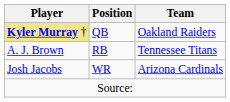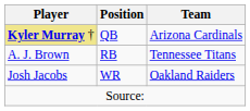 <table class="wikitable sortable">
 <tr>
 <th>Player</th>
 <th>Position</th>
 <th>Team</th>
 </tr>
 <tr>
 <td style="background-color:Khaki; border:1px solid #aaaaaa"><strong><a href='#'>Kyler Murray</a></strong> †</td>
 <td><a href='#'>QB</a></td>
-<td><a href='#'>Oakland Raiders</a></td>
+<td><a href='#'>Arizona Cardinals</a></td>
 </tr>
 <tr>
 <td><a href='#'>A. J. Brown</a></td>
 <td><a href='#'>RB</a></td>
 <td><a href='#'>Tennessee Titans</a></td>
 </tr>
 <tr>
 <td><a href='#'>Josh Jacobs</a></td>
 <td><a href='#'>WR</a></td>
-<td><a href='#'>Arizona Cardinals</a></td>
+<td><a href='#'>Oakland Raiders</a></td>
 </tr>
 <tr>
 <td colspan="3" style="text-align:center;">Source:</td>
 </tr>
 </table>
